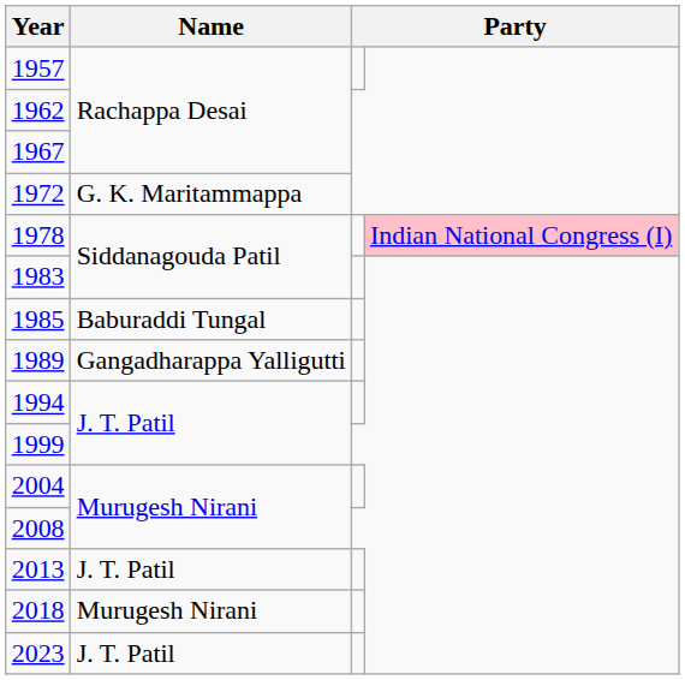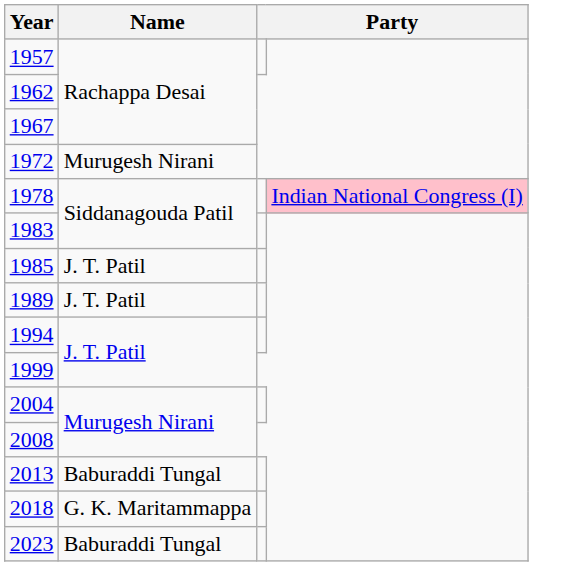 <table class="wikitable">
 <tr>
 <th>Year</th>
 <th>Name</th>
 <th colspan=2>Party</th>
 </tr>
 <tr>
 <td><a href='#'>1957</a></td>
 <td rowspan=3>Rachappa Desai</td>
 <td></td>
 </tr>
 <tr>
 <td><a href='#'>1962</a></td>
 </tr>
 <tr>
 <td><a href='#'>1967</a></td>
 </tr>
 <tr>
 <td><a href='#'>1972</a></td>
-<td>G. K. Maritammappa</td>
+<td>Murugesh Nirani</td>
 </tr>
 <tr>
 <td><a href='#'>1978</a></td>
 <td rowspan=2>Siddanagouda Patil</td>
 <td style="background-color: "></td>
 <td style="background: pink;"><a href='#'>Indian National Congress (I)</a></td>
 </tr>
 <tr>
 <td><a href='#'>1983</a></td>
 <td></td>
 </tr>
 <tr>
 <td><a href='#'>1985</a></td>
-<td>Baburaddi Tungal</td>
+<td>J. T. Patil</td>
 <td></td>
 </tr>
 <tr>
 <td><a href='#'>1989</a></td>
-<td>Gangadharappa Yalligutti</td>
+<td>J. T. Patil</td>
 <td></td>
 </tr>
 <tr>
 <td><a href='#'>1994</a></td>
 <td rowspan=2><a href='#'>J. T. Patil</a></td>
 <td></td>
 </tr>
 <tr>
 <td><a href='#'>1999</a></td>
 </tr>
 <tr>
 <td><a href='#'>2004</a></td>
 <td rowspan=2><a href='#'>Murugesh Nirani</a></td>
 <td></td>
 </tr>
 <tr>
 <td><a href='#'>2008</a></td>
 </tr>
 <tr>
 <td><a href='#'>2013</a></td>
-<td>J. T. Patil</td>
+<td>Baburaddi Tungal</td>
 <td></td>
 </tr>
 <tr>
 <td><a href='#'>2018</a></td>
-<td>Murugesh Nirani</td>
+<td>G. K. Maritammappa</td>
 <td></td>
 </tr>
 <tr>
 <td><a href='#'>2023</a></td>
-<td>J. T. Patil</td>
+<td>Baburaddi Tungal</td>
 <td></td>
 </tr>
 </table>
